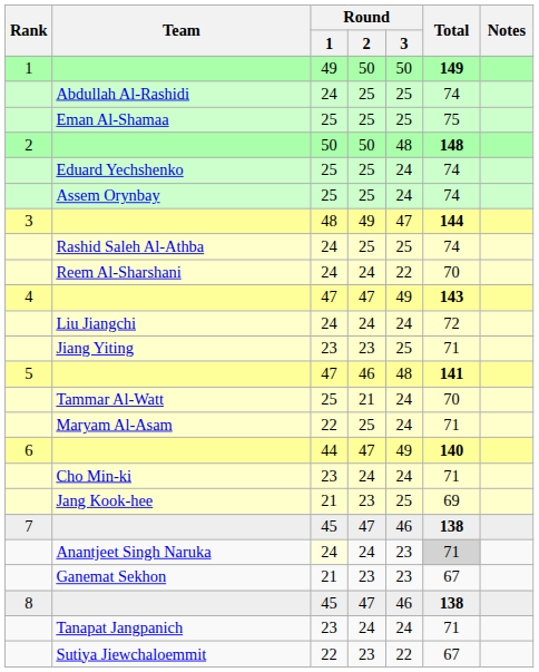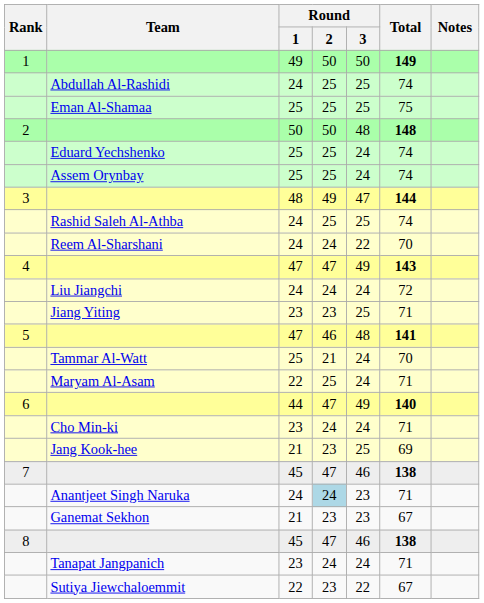 <table class="wikitable" style="text-align:center">
 <tr>
 <th rowspan=2 width=40>Rank</th>
 <th rowspan=2 width=250>Team</th>
 <th colspan=3>Round</th>
 <th rowspan=2 width=50>Total</th>
 <th rowspan=2 width=45>Notes</th>
 </tr>
 <tr>
 <th width=30>1</th>
 <th width=30>2</th>
 <th width=30>3</th>
 </tr>
 <tr bgcolor=aaffaa>
 <td>1</td>
 <td align=left></td>
 <td>49</td>
 <td>50</td>
 <td>50</td>
 <td><strong>149</strong></td>
 <td></td>
 </tr>
 <tr bgcolor=ccffcc>
 <td></td>
 <td align=left><a href='#'>Abdullah Al-Rashidi</a></td>
 <td>24</td>
 <td>25</td>
 <td>25</td>
 <td>74</td>
 <td></td>
 </tr>
 <tr bgcolor=ccffcc>
 <td></td>
 <td align=left><a href='#'>Eman Al-Shamaa</a></td>
 <td>25</td>
 <td>25</td>
 <td>25</td>
 <td>75</td>
 <td></td>
 </tr>
 <tr bgcolor=aaffaa>
 <td>2</td>
 <td align=left></td>
 <td>50</td>
 <td>50</td>
 <td>48</td>
 <td><strong>148</strong></td>
 <td></td>
 </tr>
 <tr bgcolor=ccffcc>
 <td></td>
 <td align=left><a href='#'>Eduard Yechshenko</a></td>
 <td>25</td>
 <td>25</td>
 <td>24</td>
 <td>74</td>
 <td></td>
 </tr>
 <tr bgcolor=ccffcc>
 <td></td>
 <td align=left><a href='#'>Assem Orynbay</a></td>
 <td>25</td>
 <td>25</td>
 <td>24</td>
 <td>74</td>
 <td></td>
 </tr>
 <tr bgcolor=ffff99>
 <td>3</td>
 <td align=left></td>
 <td>48</td>
 <td>49</td>
 <td>47</td>
 <td><strong>144</strong></td>
 <td></td>
 </tr>
 <tr bgcolor=ffffcc>
 <td></td>
 <td align=left><a href='#'>Rashid Saleh Al-Athba</a></td>
 <td>24</td>
 <td>25</td>
 <td>25</td>
 <td>74</td>
 <td></td>
 </tr>
 <tr bgcolor=ffffcc>
 <td></td>
 <td align=left><a href='#'>Reem Al-Sharshani</a></td>
 <td>24</td>
 <td>24</td>
 <td>22</td>
 <td>70</td>
 <td></td>
 </tr>
 <tr bgcolor=ffff99>
 <td>4</td>
 <td align=left></td>
 <td>47</td>
 <td>47</td>
 <td>49</td>
 <td><strong>143</strong></td>
 <td></td>
 </tr>
 <tr bgcolor=ffffcc>
 <td></td>
 <td align=left><a href='#'>Liu Jiangchi</a></td>
 <td>24</td>
 <td>24</td>
 <td>24</td>
 <td>72</td>
 <td></td>
 </tr>
 <tr bgcolor=ffffcc>
 <td></td>
 <td align=left><a href='#'>Jiang Yiting</a></td>
 <td>23</td>
 <td>23</td>
 <td>25</td>
 <td>71</td>
 <td></td>
 </tr>
 <tr bgcolor=ffff99>
 <td>5</td>
 <td align=left></td>
 <td>47</td>
 <td>46</td>
 <td>48</td>
 <td><strong>141</strong></td>
 <td></td>
 </tr>
 <tr bgcolor=ffffcc>
 <td></td>
 <td align=left><a href='#'>Tammar Al-Watt</a></td>
 <td>25</td>
 <td>21</td>
 <td>24</td>
 <td>70</td>
 <td></td>
 </tr>
 <tr bgcolor=ffffcc>
 <td></td>
 <td align=left><a href='#'>Maryam Al-Asam</a></td>
 <td>22</td>
 <td>25</td>
 <td>24</td>
 <td>71</td>
 <td></td>
 </tr>
 <tr bgcolor=ffff99>
 <td>6</td>
 <td align=left></td>
 <td>44</td>
 <td>47</td>
 <td>49</td>
 <td><strong>140</strong></td>
 <td></td>
 </tr>
 <tr bgcolor=ffffcc>
 <td></td>
 <td align=left><a href='#'>Cho Min-ki</a></td>
 <td>23</td>
 <td>24</td>
 <td>24</td>
 <td>71</td>
 <td></td>
 </tr>
 <tr bgcolor=ffffcc>
 <td></td>
 <td align=left><a href='#'>Jang Kook-hee</a></td>
 <td>21</td>
 <td>23</td>
 <td>25</td>
 <td>69</td>
 <td></td>
 </tr>
 <tr bgcolor=eeeeee>
 <td>7</td>
 <td align=left></td>
 <td>45</td>
 <td>47</td>
 <td>46</td>
 <td><strong>138</strong></td>
 <td></td>
 </tr>
 <tr>
 <td></td>
 <td align=left><a href='#'>Anantjeet Singh Naruka</a></td>
-<td style="background: lightyellow;">24</td>
 <td>24</td>
+<td style="background: lightblue;">24</td>
 <td>23</td>
-<td style="background: lightgrey;">71</td>
+<td>71</td>
 <td></td>
 </tr>
 <tr>
 <td></td>
 <td align=left><a href='#'>Ganemat Sekhon</a></td>
 <td>21</td>
 <td>23</td>
 <td>23</td>
 <td>67</td>
 <td></td>
 </tr>
 <tr bgcolor=eeeeee>
 <td>8</td>
 <td align=left></td>
 <td>45</td>
 <td>47</td>
 <td>46</td>
 <td><strong>138</strong></td>
 <td></td>
 </tr>
 <tr>
 <td></td>
 <td align=left><a href='#'>Tanapat Jangpanich</a></td>
 <td>23</td>
 <td>24</td>
 <td>24</td>
 <td>71</td>
 <td></td>
 </tr>
 <tr>
 <td></td>
 <td align=left><a href='#'>Sutiya Jiewchaloemmit</a></td>
 <td>22</td>
 <td>23</td>
 <td>22</td>
 <td>67</td>
 <td></td>
 </tr>
 </table>
